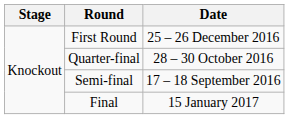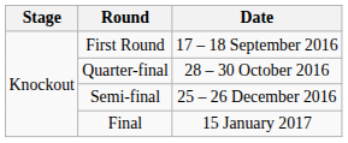 <table class="wikitable" border="1">
 <tr>
 <th>Stage</th>
 <th>Round</th>
 <th>Date</th>
 </tr>
 <tr align="center">
 <td rowspan=4>Knockout</td>
 <td>First Round</td>
-<td>25 – 26 December 2016</td>
+<td>17 – 18 September 2016</td>
 </tr>
 <tr align="center">
 <td>Quarter-final</td>
 <td>28 – 30 October 2016</td>
 </tr>
 <tr align="center">
 <td>Semi-final</td>
-<td>17 – 18 September 2016</td>
+<td>25 – 26 December 2016</td>
 </tr>
 <tr align="center">
 <td>Final</td>
 <td colspan="2">15 January 2017</td>
 </tr>
 </table>
